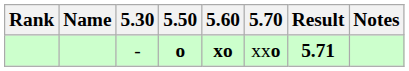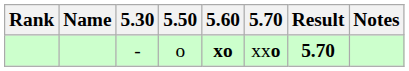 <table class="sortable wikitable">
 <tr>
 <th>Rank</th>
 <th>Name</th>
 <th>5.30</th>
 <th>5.50</th>
 <th>5.60</th>
 <th>5.70</th>
 <th>Result</th>
 <th>Notes</th>
 </tr>
 <tr align="center" style="background:#ccffcc;">
 <td></td>
 <td align="left"></td>
 <td>-</td>
-<td><strong>o</strong></td>
+<td>o</td>
 <td><strong>xo</strong></td>
 <td>xx<strong>o</strong></td>
-<td><strong>5.71</strong></td>
+<td><strong>5.70</strong></td>
 <td></td>
 </tr>
 </table>
